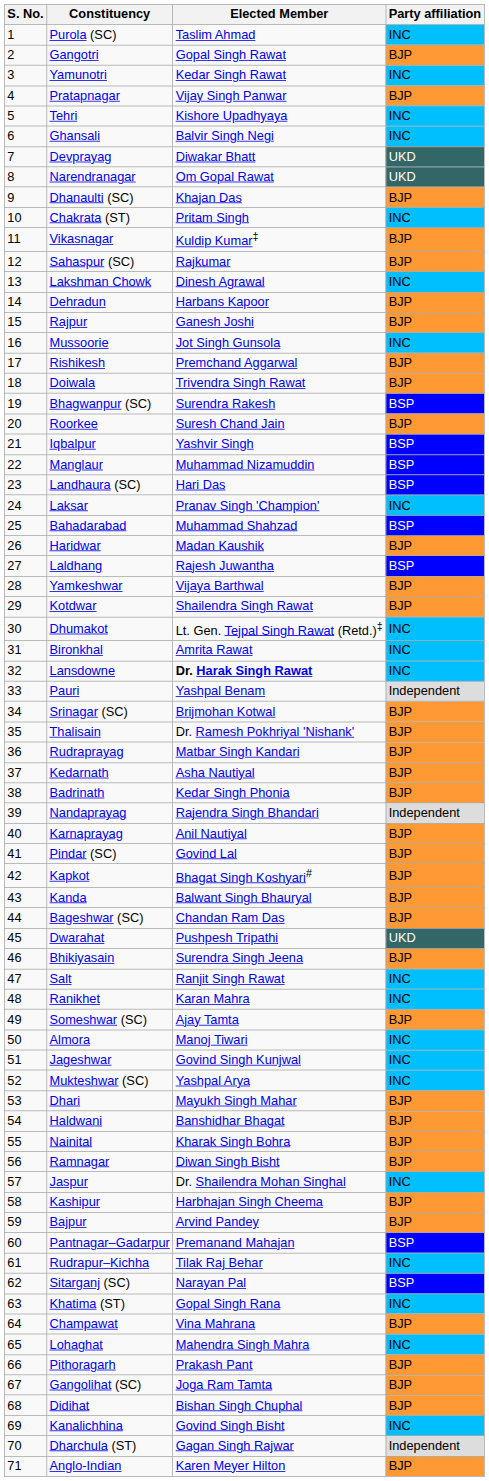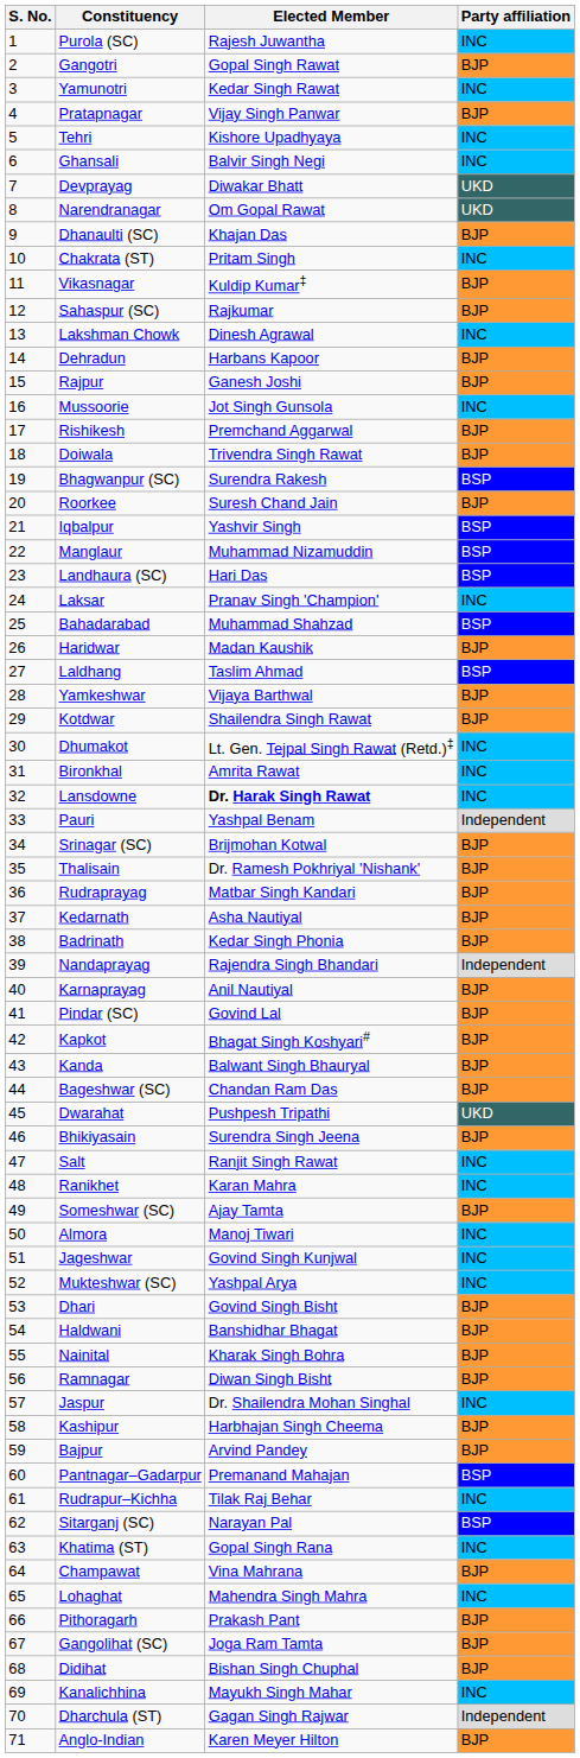 <table class="wikitable sortable">
 <tr style="background:#E9E9E9;">
 <th>S. No.</th>
 <th>Constituency</th>
 <th>Elected Member</th>
 <th>Party affiliation</th>
 </tr>
 <tr>
 <td>1</td>
 <td><a href='#'>Purola</a> (SC)</td>
-<td><a href='#'>Taslim Ahmad</a></td>
+<td><a href='#'>Rajesh Juwantha</a></td>
 <td bgcolor=#00BFFF>INC</td>
 </tr>
 <tr>
 <td>2</td>
 <td><a href='#'>Gangotri</a></td>
 <td><a href='#'>Gopal Singh Rawat</a></td>
 <td bgcolor=#FF9933>BJP</td>
 </tr>
 <tr>
 <td>3</td>
 <td><a href='#'>Yamunotri</a></td>
 <td><a href='#'>Kedar Singh Rawat</a></td>
 <td bgcolor=#00BFFF>INC</td>
 </tr>
 <tr>
 <td>4</td>
 <td><a href='#'>Pratapnagar</a></td>
 <td><a href='#'>Vijay Singh Panwar</a></td>
 <td bgcolor=#FF9933>BJP</td>
 </tr>
 <tr>
 <td>5</td>
 <td><a href='#'>Tehri</a></td>
 <td><a href='#'>Kishore Upadhyaya</a></td>
 <td bgcolor=#00BFFF>INC</td>
 </tr>
 <tr>
 <td>6</td>
 <td><a href='#'>Ghansali</a></td>
 <td><a href='#'>Balvir Singh Negi</a></td>
 <td bgcolor=#00BFFF>INC</td>
 </tr>
 <tr>
 <td>7</td>
 <td><a href='#'>Devprayag</a></td>
 <td><a href='#'>Diwakar Bhatt</a></td>
 <td style="background: #336666; color: white">UKD</td>
 </tr>
 <tr>
 <td>8</td>
 <td><a href='#'>Narendranagar</a></td>
 <td><a href='#'>Om Gopal Rawat</a></td>
 <td style="background: #336666; color: white">UKD</td>
 </tr>
 <tr>
 <td>9</td>
 <td><a href='#'>Dhanaulti</a> (SC)</td>
 <td><a href='#'>Khajan Das</a></td>
 <td bgcolor=#FF9933>BJP</td>
 </tr>
 <tr>
 <td>10</td>
 <td><a href='#'>Chakrata</a> (ST)</td>
 <td><a href='#'>Pritam Singh</a></td>
 <td bgcolor=#00BFFF>INC</td>
 </tr>
 <tr>
 <td>11</td>
 <td><a href='#'>Vikasnagar</a></td>
 <td><a href='#'>Kuldip Kumar</a><sup>‡</sup></td>
 <td bgcolor=#FF9933>BJP</td>
 </tr>
 <tr>
 <td>12</td>
 <td><a href='#'>Sahaspur</a> (SC)</td>
 <td><a href='#'>Rajkumar</a></td>
 <td bgcolor=#FF9933>BJP</td>
 </tr>
 <tr>
 <td>13</td>
 <td><a href='#'>Lakshman Chowk</a></td>
 <td><a href='#'>Dinesh Agrawal</a></td>
 <td bgcolor=#00BFFF>INC</td>
 </tr>
 <tr>
 <td>14</td>
 <td><a href='#'>Dehradun</a></td>
 <td><a href='#'>Harbans Kapoor</a></td>
 <td bgcolor=#FF9933>BJP</td>
 </tr>
 <tr>
 <td>15</td>
 <td><a href='#'>Rajpur</a></td>
 <td><a href='#'>Ganesh Joshi</a></td>
 <td bgcolor=#FF9933>BJP</td>
 </tr>
 <tr>
 <td>16</td>
 <td><a href='#'>Mussoorie</a></td>
 <td><a href='#'>Jot Singh Gunsola</a></td>
 <td bgcolor=#00BFFF>INC</td>
 </tr>
 <tr>
 <td>17</td>
 <td><a href='#'>Rishikesh</a></td>
 <td><a href='#'>Premchand Aggarwal</a></td>
 <td bgcolor=#FF9933>BJP</td>
 </tr>
 <tr>
 <td>18</td>
 <td><a href='#'>Doiwala</a></td>
 <td><a href='#'>Trivendra Singh Rawat</a></td>
 <td bgcolor=#FF9933>BJP</td>
 </tr>
 <tr>
 <td>19</td>
 <td><a href='#'>Bhagwanpur</a> (SC)</td>
 <td><a href='#'>Surendra Rakesh</a></td>
 <td style="background: #0000FF; color: white">BSP</td>
 </tr>
 <tr>
 <td>20</td>
 <td><a href='#'>Roorkee</a></td>
 <td><a href='#'>Suresh Chand Jain</a></td>
 <td bgcolor=#FF9933>BJP</td>
 </tr>
 <tr>
 <td>21</td>
 <td><a href='#'>Iqbalpur</a></td>
 <td><a href='#'>Yashvir Singh</a></td>
 <td style="background: #0000FF; color: white">BSP</td>
 </tr>
 <tr>
 <td>22</td>
 <td><a href='#'>Manglaur</a></td>
 <td><a href='#'>Muhammad Nizamuddin</a></td>
 <td style="background: #0000FF; color: white">BSP</td>
 </tr>
 <tr>
 <td>23</td>
 <td><a href='#'>Landhaura</a> (SC)</td>
 <td><a href='#'>Hari Das</a></td>
 <td style="background: #0000FF; color: white">BSP</td>
 </tr>
 <tr>
 <td>24</td>
 <td><a href='#'>Laksar</a></td>
 <td><a href='#'>Pranav Singh 'Champion'</a></td>
 <td bgcolor=#00BFFF>INC</td>
 </tr>
 <tr>
 <td>25</td>
 <td><a href='#'>Bahadarabad</a></td>
 <td><a href='#'>Muhammad Shahzad</a></td>
 <td style="background: #0000FF; color: white">BSP</td>
 </tr>
 <tr>
 <td>26</td>
 <td><a href='#'>Haridwar</a></td>
 <td><a href='#'>Madan Kaushik</a></td>
 <td bgcolor=#FF9933>BJP</td>
 </tr>
 <tr>
 <td>27</td>
 <td><a href='#'>Laldhang</a></td>
-<td><a href='#'>Rajesh Juwantha</a></td>
+<td><a href='#'>Taslim Ahmad</a></td>
 <td style="background: #0000FF; color: white">BSP</td>
 </tr>
 <tr>
 <td>28</td>
 <td><a href='#'>Yamkeshwar</a></td>
 <td><a href='#'>Vijaya Barthwal</a></td>
 <td bgcolor=#FF9933>BJP</td>
 </tr>
 <tr>
 <td>29</td>
 <td><a href='#'>Kotdwar</a></td>
 <td><a href='#'>Shailendra Singh Rawat</a></td>
 <td bgcolor=#FF9933>BJP</td>
 </tr>
 <tr>
 <td>30</td>
 <td><a href='#'>Dhumakot</a></td>
 <td>Lt. Gen. <a href='#'>Tejpal Singh Rawat</a> (Retd.)<sup>‡</sup></td>
 <td bgcolor=#00BFFF>INC</td>
 </tr>
 <tr>
 <td>31</td>
 <td><a href='#'>Bironkhal</a></td>
 <td><a href='#'>Amrita Rawat</a></td>
 <td bgcolor=#00BFFF>INC</td>
 </tr>
 <tr>
 <td>32</td>
 <td><a href='#'>Lansdowne</a></td>
 <td><strong>Dr. <a href='#'>Harak Singh Rawat</a></strong></td>
 <td bgcolor=#00BFFF>INC</td>
 </tr>
 <tr>
 <td>33</td>
 <td><a href='#'>Pauri</a></td>
 <td><a href='#'>Yashpal Benam</a></td>
 <td bgcolor=#DDDDDD>Independent</td>
 </tr>
 <tr>
 <td>34</td>
 <td><a href='#'>Srinagar</a> (SC)</td>
 <td><a href='#'>Brijmohan Kotwal</a></td>
 <td bgcolor=#FF9933>BJP</td>
 </tr>
 <tr>
 <td>35</td>
 <td><a href='#'>Thalisain</a></td>
 <td>Dr. <a href='#'>Ramesh Pokhriyal 'Nishank'</a></td>
 <td bgcolor=#FF9933>BJP</td>
 </tr>
 <tr>
 <td>36</td>
 <td><a href='#'>Rudraprayag</a></td>
 <td><a href='#'>Matbar Singh Kandari</a></td>
 <td bgcolor=#FF9933>BJP</td>
 </tr>
 <tr>
 <td>37</td>
 <td><a href='#'>Kedarnath</a></td>
 <td><a href='#'>Asha Nautiyal</a></td>
 <td bgcolor=#FF9933>BJP</td>
 </tr>
 <tr>
 <td>38</td>
 <td><a href='#'>Badrinath</a></td>
 <td><a href='#'>Kedar Singh Phonia</a></td>
 <td bgcolor=#FF9933>BJP</td>
 </tr>
 <tr>
 <td>39</td>
 <td><a href='#'>Nandaprayag</a></td>
 <td><a href='#'>Rajendra Singh Bhandari</a></td>
 <td bgcolor=#DDDDDD>Independent</td>
 </tr>
 <tr>
 <td>40</td>
 <td><a href='#'>Karnaprayag</a></td>
 <td><a href='#'>Anil Nautiyal</a></td>
 <td bgcolor=#FF9933>BJP</td>
 </tr>
 <tr>
 <td>41</td>
 <td><a href='#'>Pindar</a> (SC)</td>
 <td><a href='#'>Govind Lal</a></td>
 <td bgcolor=#FF9933>BJP</td>
 </tr>
 <tr>
 <td>42</td>
 <td><a href='#'>Kapkot</a></td>
 <td><a href='#'>Bhagat Singh Koshyari</a><sup>#</sup></td>
 <td bgcolor=#FF9933>BJP</td>
 </tr>
 <tr>
 <td>43</td>
 <td><a href='#'>Kanda</a></td>
 <td><a href='#'>Balwant Singh Bhauryal</a></td>
 <td bgcolor=#FF9933>BJP</td>
 </tr>
 <tr>
 <td>44</td>
 <td><a href='#'>Bageshwar</a> (SC)</td>
 <td><a href='#'>Chandan Ram Das</a></td>
 <td bgcolor=#FF9933>BJP</td>
 </tr>
 <tr>
 <td>45</td>
 <td><a href='#'>Dwarahat</a></td>
 <td><a href='#'>Pushpesh Tripathi</a></td>
 <td style="background: #336666; color: white">UKD</td>
 </tr>
 <tr>
 <td>46</td>
 <td><a href='#'>Bhikiyasain</a></td>
 <td><a href='#'>Surendra Singh Jeena</a></td>
 <td bgcolor=#FF9933>BJP</td>
 </tr>
 <tr>
 <td>47</td>
 <td><a href='#'>Salt</a></td>
 <td><a href='#'>Ranjit Singh Rawat</a></td>
 <td bgcolor=#00BFFF>INC</td>
 </tr>
 <tr>
 <td>48</td>
 <td><a href='#'>Ranikhet</a></td>
 <td><a href='#'>Karan Mahra</a></td>
 <td bgcolor=#00BFFF>INC</td>
 </tr>
 <tr>
 <td>49</td>
 <td><a href='#'>Someshwar</a> (SC)</td>
 <td><a href='#'>Ajay Tamta</a></td>
 <td bgcolor=#FF9933>BJP</td>
 </tr>
 <tr>
 <td>50</td>
 <td><a href='#'>Almora</a></td>
 <td><a href='#'>Manoj Tiwari</a></td>
 <td bgcolor=#00BFFF>INC</td>
 </tr>
 <tr>
 <td>51</td>
 <td><a href='#'>Jageshwar</a></td>
 <td><a href='#'>Govind Singh Kunjwal</a></td>
 <td bgcolor=#00BFFF>INC</td>
 </tr>
 <tr>
 <td>52</td>
 <td><a href='#'>Mukteshwar</a> (SC)</td>
 <td><a href='#'>Yashpal Arya</a></td>
 <td bgcolor=#00BFFF>INC</td>
 </tr>
 <tr>
 <td>53</td>
 <td><a href='#'>Dhari</a></td>
-<td><a href='#'>Mayukh Singh Mahar</a></td>
+<td><a href='#'>Govind Singh Bisht</a></td>
 <td bgcolor=#FF9933>BJP</td>
 </tr>
 <tr>
 <td>54</td>
 <td><a href='#'>Haldwani</a></td>
 <td><a href='#'>Banshidhar Bhagat</a></td>
 <td bgcolor=#FF9933>BJP</td>
 </tr>
 <tr>
 <td>55</td>
 <td><a href='#'>Nainital</a></td>
 <td><a href='#'>Kharak Singh Bohra</a></td>
 <td bgcolor=#FF9933>BJP</td>
 </tr>
 <tr>
 <td>56</td>
 <td><a href='#'>Ramnagar</a></td>
 <td><a href='#'>Diwan Singh Bisht</a></td>
 <td bgcolor=#FF9933>BJP</td>
 </tr>
 <tr>
 <td>57</td>
 <td><a href='#'>Jaspur</a></td>
 <td>Dr. <a href='#'>Shailendra Mohan Singhal</a></td>
 <td bgcolor=#00BFFF>INC</td>
 </tr>
 <tr>
 <td>58</td>
 <td><a href='#'>Kashipur</a></td>
 <td><a href='#'>Harbhajan Singh Cheema</a></td>
 <td bgcolor=#FF9933>BJP</td>
 </tr>
 <tr>
 <td>59</td>
 <td><a href='#'>Bajpur</a></td>
 <td><a href='#'>Arvind Pandey</a></td>
 <td bgcolor=#FF9933>BJP</td>
 </tr>
 <tr>
 <td>60</td>
 <td><a href='#'>Pantnagar–Gadarpur</a></td>
 <td><a href='#'>Premanand Mahajan</a></td>
 <td style="background: #0000FF; color: white">BSP</td>
 </tr>
 <tr>
 <td>61</td>
 <td><a href='#'>Rudrapur–Kichha</a></td>
 <td><a href='#'>Tilak Raj Behar</a></td>
 <td bgcolor=#00BFFF>INC</td>
 </tr>
 <tr>
 <td>62</td>
 <td><a href='#'>Sitarganj</a> (SC)</td>
 <td><a href='#'>Narayan Pal</a></td>
 <td style="background: #0000FF; color: white">BSP</td>
 </tr>
 <tr>
 <td>63</td>
 <td><a href='#'>Khatima</a> (ST)</td>
 <td><a href='#'>Gopal Singh Rana</a></td>
 <td bgcolor=#00BFFF>INC</td>
 </tr>
 <tr>
 <td>64</td>
 <td><a href='#'>Champawat</a></td>
 <td><a href='#'>Vina Mahrana</a></td>
 <td bgcolor=#FF9933>BJP</td>
 </tr>
 <tr>
 <td>65</td>
 <td><a href='#'>Lohaghat</a></td>
 <td><a href='#'>Mahendra Singh Mahra</a></td>
 <td bgcolor=#00BFFF>INC</td>
 </tr>
 <tr>
 <td>66</td>
 <td><a href='#'>Pithoragarh</a></td>
 <td><a href='#'>Prakash Pant</a></td>
 <td bgcolor=#FF9933>BJP</td>
 </tr>
 <tr>
 <td>67</td>
 <td><a href='#'>Gangolihat</a> (SC)</td>
 <td><a href='#'>Joga Ram Tamta</a></td>
 <td bgcolor=#FF9933>BJP</td>
 </tr>
 <tr>
 <td>68</td>
 <td><a href='#'>Didihat</a></td>
 <td><a href='#'>Bishan Singh Chuphal</a></td>
 <td bgcolor=#FF9933>BJP</td>
 </tr>
 <tr>
 <td>69</td>
 <td><a href='#'>Kanalichhina</a></td>
-<td><a href='#'>Govind Singh Bisht</a></td>
+<td><a href='#'>Mayukh Singh Mahar</a></td>
 <td bgcolor=#00BFFF>INC</td>
 </tr>
 <tr>
 <td>70</td>
 <td><a href='#'>Dharchula</a> (ST)</td>
 <td><a href='#'>Gagan Singh Rajwar</a></td>
 <td bgcolor=#DDDDDD>Independent</td>
 </tr>
 <tr>
 <td>71</td>
 <td><a href='#'>Anglo-Indian</a></td>
 <td><a href='#'>Karen Meyer Hilton</a></td>
 <td style="background: #FF9933">BJP</td>
 </tr>
 </table>
